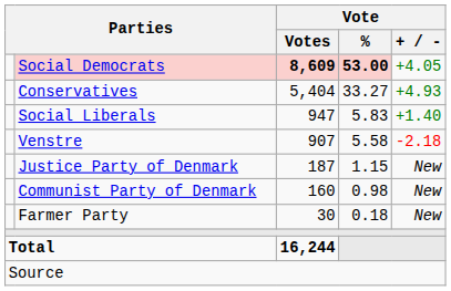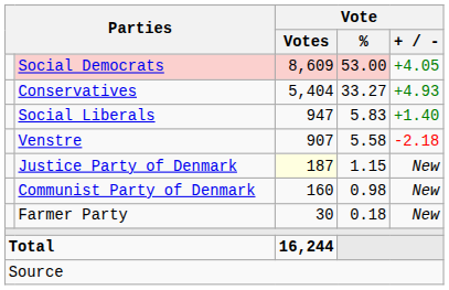 <table class="wikitable" style="text-align:right;">
 <tr>
 <th style="text-align:centre;" rowspan="2" colspan="2" width="225">Parties</th>
 <th colspan="3">Vote</th>
 </tr>
 <tr>
 <th width="15">Votes</th>
 <th width="15">%</th>
 <th width="15">+ / -</th>
 </tr>
 <tr>
 <td width="2" style="color:inherit;background:"></td>
 <td bgcolor=#fbd0ce  align="left"><a href='#'>Social Democrats</a></td>
-<td bgcolor=#fbd0ce><strong>8,609</strong></td>
-<td bgcolor=#fbd0ce><strong>53.00</strong></td>
+<td bgcolor=#fbd0ce>8,609</td>
+<td bgcolor=#fbd0ce>53.00</td>
 <td style=color:green;>+4.05</td>
 </tr>
 <tr>
 <td width="2" style="color:inherit;background:"></td>
 <td align="left"><a href='#'>Conservatives</a></td>
 <td>5,404</td>
 <td>33.27</td>
 <td style=color:green;>+4.93</td>
 </tr>
 <tr>
 <td width="2" style="color:inherit;background:"></td>
 <td align="left"><a href='#'>Social Liberals</a></td>
 <td>947</td>
 <td>5.83</td>
 <td style=color:green;>+1.40</td>
 </tr>
 <tr>
 <td width="2" style="color:inherit;background:"></td>
 <td align="left"><a href='#'>Venstre</a></td>
 <td>907</td>
 <td>5.58</td>
 <td style=color:red;>-2.18</td>
 </tr>
 <tr>
 <td width="2" style="color:inherit;background:"></td>
 <td align="left"><a href='#'>Justice Party of Denmark</a></td>
-<td>187</td>
+<td style="background: lightyellow;">187</td>
 <td>1.15</td>
 <td><em>New</em></td>
 </tr>
 <tr>
 <td width="2" style="color:inherit;background:"></td>
 <td align="left"><a href='#'>Communist Party of Denmark</a></td>
 <td>160</td>
 <td>0.98</td>
 <td><em>New</em></td>
 </tr>
 <tr>
 <td width="2" style="color:inherit;background:"></td>
 <td align="left">Farmer Party</td>
 <td>30</td>
 <td>0.18</td>
 <td><em>New</em></td>
 </tr>
 <tr>
 <td colspan="7" bgcolor="#E9E9E9"></td>
 </tr>
 <tr>
 <td align="left" colspan="2"><strong>Total</strong></td>
 <td><strong>16,244</strong></td>
 <td bgcolor="#E9E9E9" colspan="2"></td>
 </tr>
 <tr>
 <td align="left" colspan="6">Source</td>
 </tr>
 </table>
